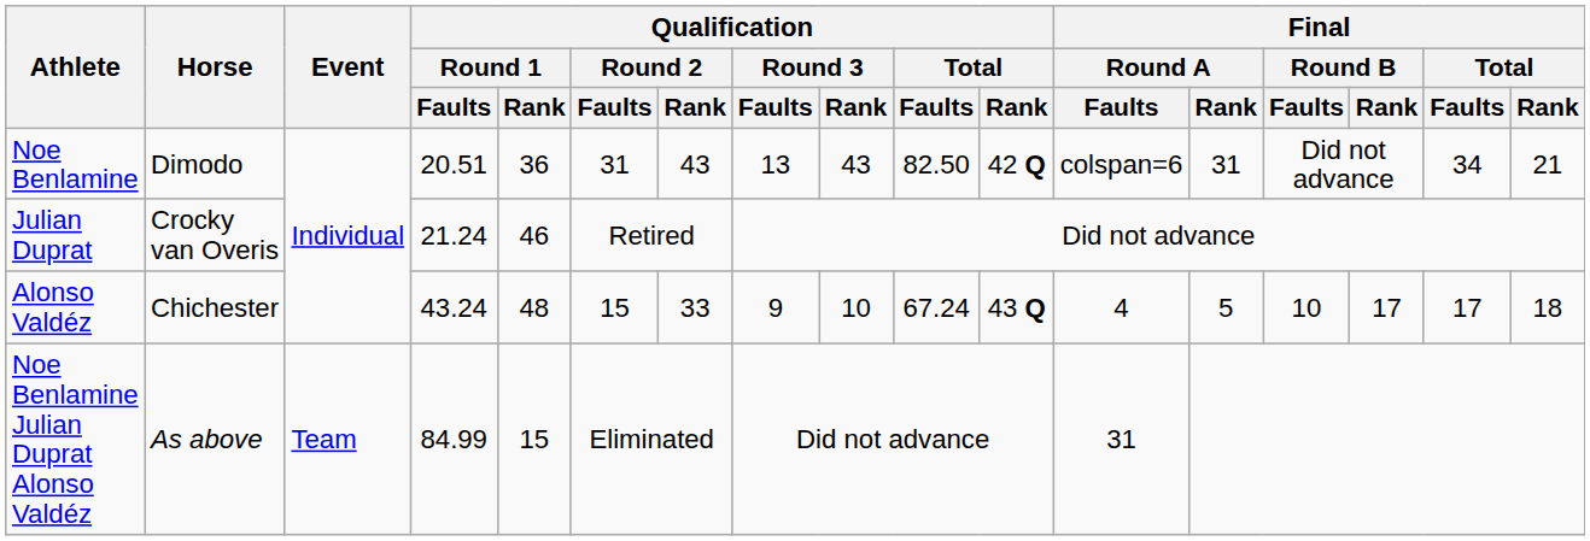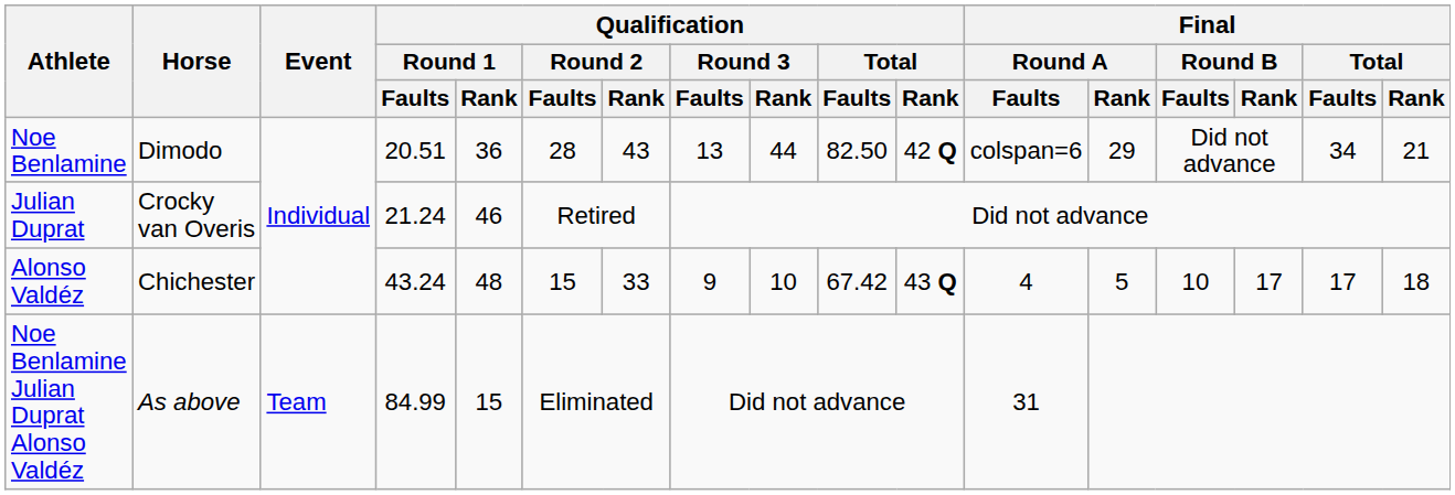 <table class=wikitable style=font-size:90%;text-align:center>
 <tr>
 <th rowspan=3>Athlete</th>
 <th rowspan=3>Horse</th>
 <th rowspan=3>Event</th>
 <th colspan=8>Qualification</th>
 <th colspan=6>Final</th>
 </tr>
 <tr style=font-size:95%>
 <th colspan=2>Round 1</th>
 <th colspan=2>Round 2</th>
 <th colspan=2>Round 3</th>
 <th colspan=2>Total</th>
 <th colspan=2>Round A</th>
 <th colspan=2>Round B</th>
 <th colspan=2>Total</th>
 </tr>
 <tr style=font-size:95%>
 <th>Faults</th>
 <th>Rank</th>
 <th>Faults</th>
 <th>Rank</th>
 <th>Faults</th>
 <th>Rank</th>
 <th>Faults</th>
 <th>Rank</th>
 <th>Faults</th>
 <th>Rank</th>
 <th>Faults</th>
 <th>Rank</th>
 <th>Faults</th>
 <th>Rank</th>
 </tr>
 <tr>
 <td align=left><a href='#'>Noe Benlamine</a></td>
 <td align=left>Dimodo</td>
 <td align=left rowspan=3><a href='#'>Individual</a></td>
 <td>20.51</td>
 <td>36</td>
-<td>31</td>
+<td>28</td>
 <td>43</td>
 <td>13</td>
-<td>43</td>
+<td>44</td>
 <td>82.50</td>
 <td>42 <strong>Q</strong></td>
 <td>colspan=6 </td>
-<td>31</td>
+<td>29</td>
 <td colspan=2>Did not advance</td>
 <td>34</td>
 <td>21</td>
 </tr>
 <tr>
 <td align=left><a href='#'>Julian Duprat</a></td>
 <td align=left>Crocky van Overis</td>
 <td>21.24</td>
 <td>46</td>
 <td colspan=2>Retired</td>
 <td colspan=10>Did not advance</td>
 </tr>
 <tr>
 <td align=left><a href='#'>Alonso Valdéz</a></td>
 <td align=left>Chichester</td>
 <td>43.24</td>
 <td>48</td>
 <td>15</td>
 <td>33</td>
 <td>9</td>
 <td>10</td>
-<td>67.24</td>
+<td>67.42</td>
 <td>43 <strong>Q</strong></td>
 <td>4</td>
 <td>5</td>
 <td>10</td>
 <td>17</td>
 <td>17</td>
 <td>18</td>
 </tr>
 <tr>
 <td align=left><a href='#'>Noe Benlamine</a><br><a href='#'>Julian Duprat</a><br><a href='#'>Alonso Valdéz</a></td>
 <td align=left><em>As above</em></td>
 <td align=left><a href='#'>Team</a></td>
 <td>84.99</td>
 <td>15</td>
 <td colspan=2>Eliminated</td>
 <td colspan=4>Did not advance</td>
 <td>31</td>
 </tr>
 </table>
